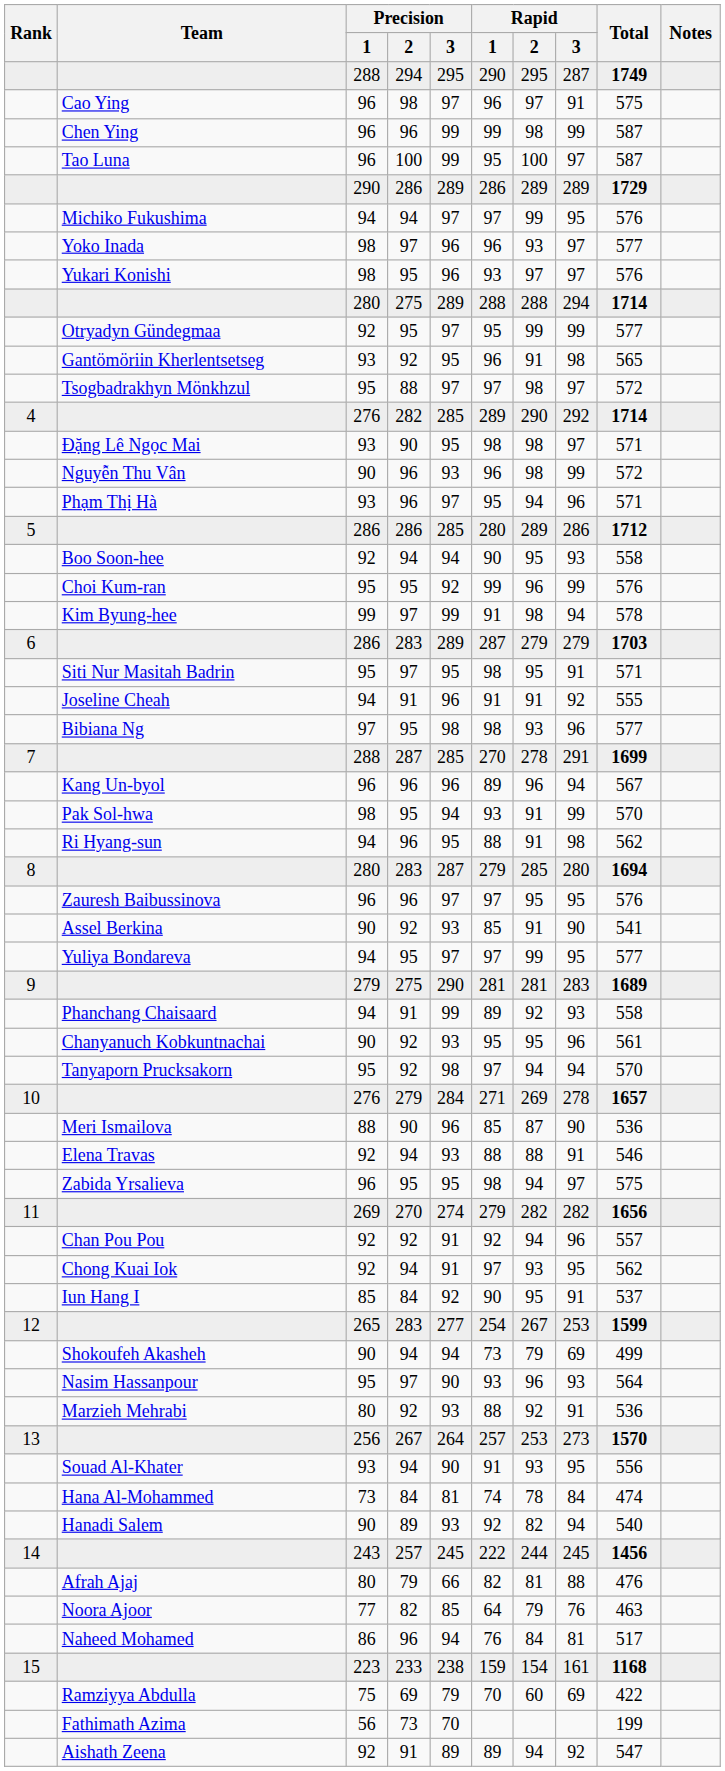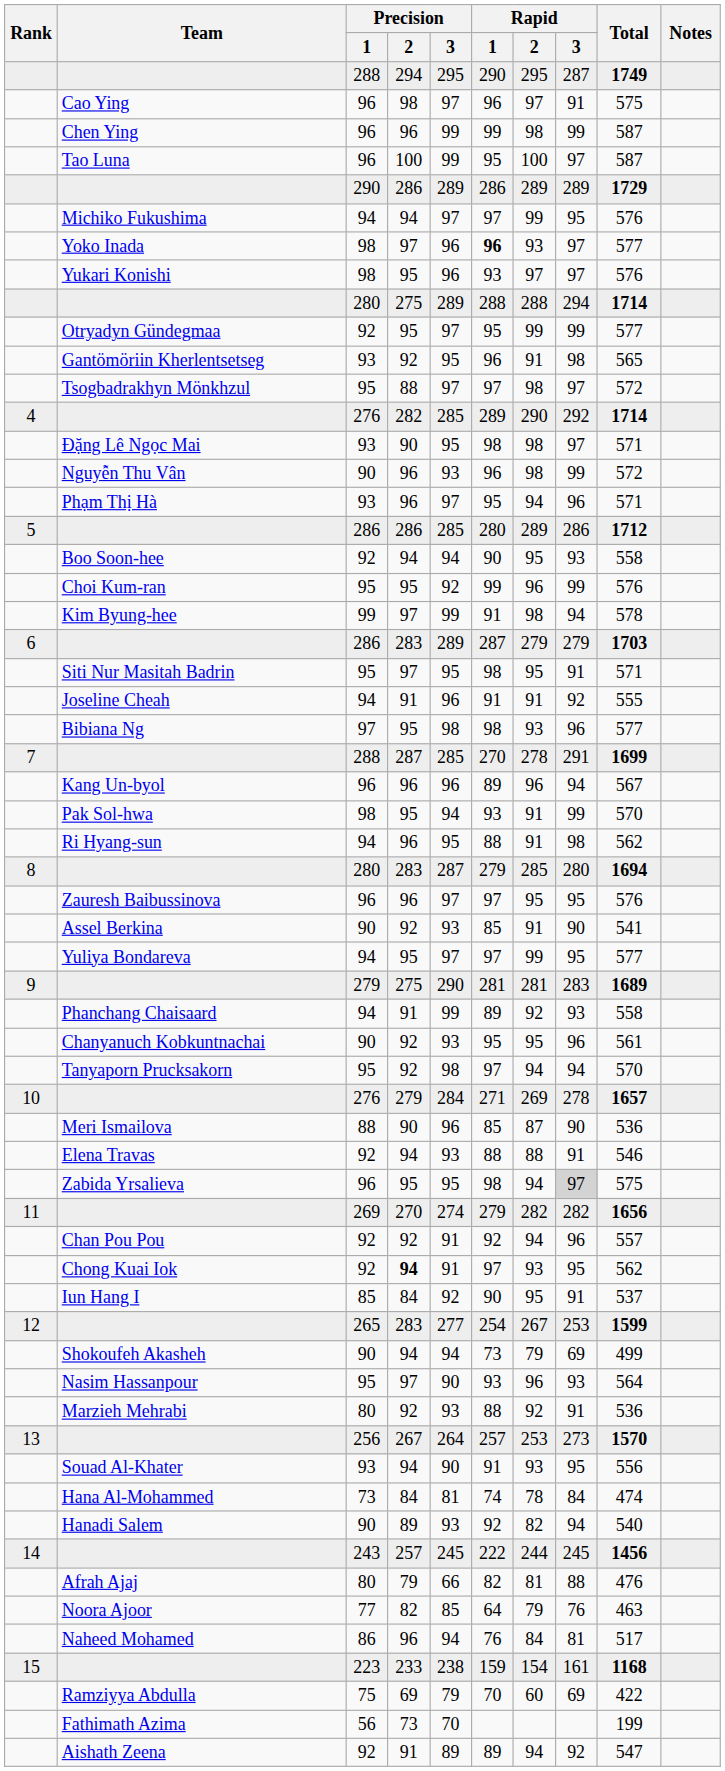 <table class="wikitable" style="text-align:center">
 <tr>
 <th rowspan=2 width=40>Rank</th>
 <th rowspan=2 width=250>Team</th>
 <th colspan=3>Precision</th>
 <th colspan=3>Rapid</th>
 <th rowspan=2 width=50>Total</th>
 <th rowspan=2 width=45>Notes</th>
 </tr>
 <tr>
 <th width=30>1</th>
 <th width=30>2</th>
 <th width=30>3</th>
 <th width=30>1</th>
 <th width=30>2</th>
 <th width=30>3</th>
 </tr>
 <tr bgcolor=eeeeee>
 <td></td>
 <td align=left></td>
 <td>288</td>
 <td>294</td>
 <td>295</td>
 <td>290</td>
 <td>295</td>
 <td>287</td>
 <td><strong>1749</strong></td>
 <td></td>
 </tr>
 <tr>
 <td></td>
 <td align=left><a href='#'>Cao Ying</a></td>
 <td>96</td>
 <td>98</td>
 <td>97</td>
 <td>96</td>
 <td>97</td>
 <td>91</td>
 <td>575</td>
 <td></td>
 </tr>
 <tr>
 <td></td>
 <td align=left><a href='#'>Chen Ying</a></td>
 <td>96</td>
 <td>96</td>
 <td>99</td>
 <td>99</td>
 <td>98</td>
 <td>99</td>
 <td>587</td>
 <td></td>
 </tr>
 <tr>
 <td></td>
 <td align=left><a href='#'>Tao Luna</a></td>
 <td>96</td>
 <td>100</td>
 <td>99</td>
 <td>95</td>
 <td>100</td>
 <td>97</td>
 <td>587</td>
 <td></td>
 </tr>
 <tr bgcolor=eeeeee>
 <td></td>
 <td align=left></td>
 <td>290</td>
 <td>286</td>
 <td>289</td>
 <td>286</td>
 <td>289</td>
 <td>289</td>
 <td><strong>1729</strong></td>
 <td></td>
 </tr>
 <tr>
 <td></td>
 <td align=left><a href='#'>Michiko Fukushima</a></td>
 <td>94</td>
 <td>94</td>
 <td>97</td>
 <td>97</td>
 <td>99</td>
 <td>95</td>
 <td>576</td>
 <td></td>
 </tr>
 <tr>
 <td></td>
 <td align=left><a href='#'>Yoko Inada</a></td>
 <td>98</td>
 <td>97</td>
 <td>96</td>
-<td>96</td>
+<td><strong>96</strong></td>
 <td>93</td>
 <td>97</td>
 <td>577</td>
 <td></td>
 </tr>
 <tr>
 <td></td>
 <td align=left><a href='#'>Yukari Konishi</a></td>
 <td>98</td>
 <td>95</td>
 <td>96</td>
 <td>93</td>
 <td>97</td>
 <td>97</td>
 <td>576</td>
 <td></td>
 </tr>
 <tr bgcolor=eeeeee>
 <td></td>
 <td align=left></td>
 <td>280</td>
 <td>275</td>
 <td>289</td>
 <td>288</td>
 <td>288</td>
 <td>294</td>
 <td><strong>1714</strong></td>
 <td></td>
 </tr>
 <tr>
 <td></td>
 <td align=left><a href='#'>Otryadyn Gündegmaa</a></td>
 <td>92</td>
 <td>95</td>
 <td>97</td>
 <td>95</td>
 <td>99</td>
 <td>99</td>
 <td>577</td>
 <td></td>
 </tr>
 <tr>
 <td></td>
 <td align=left><a href='#'>Gantömöriin Kherlentsetseg</a></td>
 <td>93</td>
 <td>92</td>
 <td>95</td>
 <td>96</td>
 <td>91</td>
 <td>98</td>
 <td>565</td>
 <td></td>
 </tr>
 <tr>
 <td></td>
 <td align=left><a href='#'>Tsogbadrakhyn Mönkhzul</a></td>
 <td>95</td>
 <td>88</td>
 <td>97</td>
 <td>97</td>
 <td>98</td>
 <td>97</td>
 <td>572</td>
 <td></td>
 </tr>
 <tr bgcolor=eeeeee>
 <td>4</td>
 <td align=left></td>
 <td>276</td>
 <td>282</td>
 <td>285</td>
 <td>289</td>
 <td>290</td>
 <td>292</td>
 <td><strong>1714</strong></td>
 <td></td>
 </tr>
 <tr>
 <td></td>
 <td align=left><a href='#'>Đặng Lê Ngọc Mai</a></td>
 <td>93</td>
 <td>90</td>
 <td>95</td>
 <td>98</td>
 <td>98</td>
 <td>97</td>
 <td>571</td>
 <td></td>
 </tr>
 <tr>
 <td></td>
 <td align=left><a href='#'>Nguyễn Thu Vân</a></td>
 <td>90</td>
 <td>96</td>
 <td>93</td>
 <td>96</td>
 <td>98</td>
 <td>99</td>
 <td>572</td>
 <td></td>
 </tr>
 <tr>
 <td></td>
 <td align=left><a href='#'>Phạm Thị Hà</a></td>
 <td>93</td>
 <td>96</td>
 <td>97</td>
 <td>95</td>
 <td>94</td>
 <td>96</td>
 <td>571</td>
 <td></td>
 </tr>
 <tr bgcolor=eeeeee>
 <td>5</td>
 <td align=left></td>
 <td>286</td>
 <td>286</td>
 <td>285</td>
 <td>280</td>
 <td>289</td>
 <td>286</td>
 <td><strong>1712</strong></td>
 <td></td>
 </tr>
 <tr>
 <td></td>
 <td align=left><a href='#'>Boo Soon-hee</a></td>
 <td>92</td>
 <td>94</td>
 <td>94</td>
 <td>90</td>
 <td>95</td>
 <td>93</td>
 <td>558</td>
 <td></td>
 </tr>
 <tr>
 <td></td>
 <td align=left><a href='#'>Choi Kum-ran</a></td>
 <td>95</td>
 <td>95</td>
 <td>92</td>
 <td>99</td>
 <td>96</td>
 <td>99</td>
 <td>576</td>
 <td></td>
 </tr>
 <tr>
 <td></td>
 <td align=left><a href='#'>Kim Byung-hee</a></td>
 <td>99</td>
 <td>97</td>
 <td>99</td>
 <td>91</td>
 <td>98</td>
 <td>94</td>
 <td>578</td>
 <td></td>
 </tr>
 <tr bgcolor=eeeeee>
 <td>6</td>
 <td align=left></td>
 <td>286</td>
 <td>283</td>
 <td>289</td>
 <td>287</td>
 <td>279</td>
 <td>279</td>
 <td><strong>1703</strong></td>
 <td></td>
 </tr>
 <tr>
 <td></td>
 <td align=left><a href='#'>Siti Nur Masitah Badrin</a></td>
 <td>95</td>
 <td>97</td>
 <td>95</td>
 <td>98</td>
 <td>95</td>
 <td>91</td>
 <td>571</td>
 <td></td>
 </tr>
 <tr>
 <td></td>
 <td align=left><a href='#'>Joseline Cheah</a></td>
 <td>94</td>
 <td>91</td>
 <td>96</td>
 <td>91</td>
 <td>91</td>
 <td>92</td>
 <td>555</td>
 <td></td>
 </tr>
 <tr>
 <td></td>
 <td align=left><a href='#'>Bibiana Ng</a></td>
 <td>97</td>
 <td>95</td>
 <td>98</td>
 <td>98</td>
 <td>93</td>
 <td>96</td>
 <td>577</td>
 <td></td>
 </tr>
 <tr bgcolor=eeeeee>
 <td>7</td>
 <td align=left></td>
 <td>288</td>
 <td>287</td>
 <td>285</td>
 <td>270</td>
 <td>278</td>
 <td>291</td>
 <td><strong>1699</strong></td>
 <td></td>
 </tr>
 <tr>
 <td></td>
 <td align=left><a href='#'>Kang Un-byol</a></td>
 <td>96</td>
 <td>96</td>
 <td>96</td>
 <td>89</td>
 <td>96</td>
 <td>94</td>
 <td>567</td>
 <td></td>
 </tr>
 <tr>
 <td></td>
 <td align=left><a href='#'>Pak Sol-hwa</a></td>
 <td>98</td>
 <td>95</td>
 <td>94</td>
 <td>93</td>
 <td>91</td>
 <td>99</td>
 <td>570</td>
 <td></td>
 </tr>
 <tr>
 <td></td>
 <td align=left><a href='#'>Ri Hyang-sun</a></td>
 <td>94</td>
 <td>96</td>
 <td>95</td>
 <td>88</td>
 <td>91</td>
 <td>98</td>
 <td>562</td>
 <td></td>
 </tr>
 <tr bgcolor=eeeeee>
 <td>8</td>
 <td align=left></td>
 <td>280</td>
 <td>283</td>
 <td>287</td>
 <td>279</td>
 <td>285</td>
 <td>280</td>
 <td><strong>1694</strong></td>
 <td></td>
 </tr>
 <tr>
 <td></td>
 <td align=left><a href='#'>Zauresh Baibussinova</a></td>
 <td>96</td>
 <td>96</td>
 <td>97</td>
 <td>97</td>
 <td>95</td>
 <td>95</td>
 <td>576</td>
 <td></td>
 </tr>
 <tr>
 <td></td>
 <td align=left><a href='#'>Assel Berkina</a></td>
 <td>90</td>
 <td>92</td>
 <td>93</td>
 <td>85</td>
 <td>91</td>
 <td>90</td>
 <td>541</td>
 <td></td>
 </tr>
 <tr>
 <td></td>
 <td align=left><a href='#'>Yuliya Bondareva</a></td>
 <td>94</td>
 <td>95</td>
 <td>97</td>
 <td>97</td>
 <td>99</td>
 <td>95</td>
 <td>577</td>
 <td></td>
 </tr>
 <tr bgcolor=eeeeee>
 <td>9</td>
 <td align=left></td>
 <td>279</td>
 <td>275</td>
 <td>290</td>
 <td>281</td>
 <td>281</td>
 <td>283</td>
 <td><strong>1689</strong></td>
 <td></td>
 </tr>
 <tr>
 <td></td>
 <td align=left><a href='#'>Phanchang Chaisaard</a></td>
 <td>94</td>
 <td>91</td>
 <td>99</td>
 <td>89</td>
 <td>92</td>
 <td>93</td>
 <td>558</td>
 <td></td>
 </tr>
 <tr>
 <td></td>
 <td align=left><a href='#'>Chanyanuch Kobkuntnachai</a></td>
 <td>90</td>
 <td>92</td>
 <td>93</td>
 <td>95</td>
 <td>95</td>
 <td>96</td>
 <td>561</td>
 <td></td>
 </tr>
 <tr>
 <td></td>
 <td align=left><a href='#'>Tanyaporn Prucksakorn</a></td>
 <td>95</td>
 <td>92</td>
 <td>98</td>
 <td>97</td>
 <td>94</td>
 <td>94</td>
 <td>570</td>
 <td></td>
 </tr>
 <tr bgcolor=eeeeee>
 <td>10</td>
 <td align=left></td>
 <td>276</td>
 <td>279</td>
 <td>284</td>
 <td>271</td>
 <td>269</td>
 <td>278</td>
 <td><strong>1657</strong></td>
 <td></td>
 </tr>
 <tr>
 <td></td>
 <td align=left><a href='#'>Meri Ismailova</a></td>
 <td>88</td>
 <td>90</td>
 <td>96</td>
 <td>85</td>
 <td>87</td>
 <td>90</td>
 <td>536</td>
 <td></td>
 </tr>
 <tr>
 <td></td>
 <td align=left><a href='#'>Elena Travas</a></td>
 <td>92</td>
 <td>94</td>
 <td>93</td>
 <td>88</td>
 <td>88</td>
 <td>91</td>
 <td>546</td>
 <td></td>
 </tr>
 <tr>
 <td></td>
 <td align=left><a href='#'>Zabida Yrsalieva</a></td>
 <td>96</td>
 <td>95</td>
 <td>95</td>
 <td>98</td>
 <td>94</td>
-<td>97</td>
+<td style="background: lightgrey;">97</td>
 <td>575</td>
 <td></td>
 </tr>
 <tr bgcolor=eeeeee>
 <td>11</td>
 <td align=left></td>
 <td>269</td>
 <td>270</td>
 <td>274</td>
 <td>279</td>
 <td>282</td>
 <td>282</td>
 <td><strong>1656</strong></td>
 <td></td>
 </tr>
 <tr>
 <td></td>
 <td align=left><a href='#'>Chan Pou Pou</a></td>
 <td>92</td>
 <td>92</td>
 <td>91</td>
 <td>92</td>
 <td>94</td>
 <td>96</td>
 <td>557</td>
 <td></td>
 </tr>
 <tr>
 <td></td>
 <td align=left><a href='#'>Chong Kuai Iok</a></td>
 <td>92</td>
-<td>94</td>
+<td><strong>94</strong></td>
 <td>91</td>
 <td>97</td>
 <td>93</td>
 <td>95</td>
 <td>562</td>
 <td></td>
 </tr>
 <tr>
 <td></td>
 <td align=left><a href='#'>Iun Hang I</a></td>
 <td>85</td>
 <td>84</td>
 <td>92</td>
 <td>90</td>
 <td>95</td>
 <td>91</td>
 <td>537</td>
 <td></td>
 </tr>
 <tr bgcolor=eeeeee>
 <td>12</td>
 <td align=left></td>
 <td>265</td>
 <td>283</td>
 <td>277</td>
 <td>254</td>
 <td>267</td>
 <td>253</td>
 <td><strong>1599</strong></td>
 <td></td>
 </tr>
 <tr>
 <td></td>
 <td align=left><a href='#'>Shokoufeh Akasheh</a></td>
 <td>90</td>
 <td>94</td>
 <td>94</td>
 <td>73</td>
 <td>79</td>
 <td>69</td>
 <td>499</td>
 <td></td>
 </tr>
 <tr>
 <td></td>
 <td align=left><a href='#'>Nasim Hassanpour</a></td>
 <td>95</td>
 <td>97</td>
 <td>90</td>
 <td>93</td>
 <td>96</td>
 <td>93</td>
 <td>564</td>
 <td></td>
 </tr>
 <tr>
 <td></td>
 <td align=left><a href='#'>Marzieh Mehrabi</a></td>
 <td>80</td>
 <td>92</td>
 <td>93</td>
 <td>88</td>
 <td>92</td>
 <td>91</td>
 <td>536</td>
 <td></td>
 </tr>
 <tr bgcolor=eeeeee>
 <td>13</td>
 <td align=left></td>
 <td>256</td>
 <td>267</td>
 <td>264</td>
 <td>257</td>
 <td>253</td>
 <td>273</td>
 <td><strong>1570</strong></td>
 <td></td>
 </tr>
 <tr>
 <td></td>
 <td align=left><a href='#'>Souad Al-Khater</a></td>
 <td>93</td>
 <td>94</td>
 <td>90</td>
 <td>91</td>
 <td>93</td>
 <td>95</td>
 <td>556</td>
 <td></td>
 </tr>
 <tr>
 <td></td>
 <td align=left><a href='#'>Hana Al-Mohammed</a></td>
 <td>73</td>
 <td>84</td>
 <td>81</td>
 <td>74</td>
 <td>78</td>
 <td>84</td>
 <td>474</td>
 <td></td>
 </tr>
 <tr>
 <td></td>
 <td align=left><a href='#'>Hanadi Salem</a></td>
 <td>90</td>
 <td>89</td>
 <td>93</td>
 <td>92</td>
 <td>82</td>
 <td>94</td>
 <td>540</td>
 <td></td>
 </tr>
 <tr bgcolor=eeeeee>
 <td>14</td>
 <td align=left></td>
 <td>243</td>
 <td>257</td>
 <td>245</td>
 <td>222</td>
 <td>244</td>
 <td>245</td>
 <td><strong>1456</strong></td>
 <td></td>
 </tr>
 <tr>
 <td></td>
 <td align=left><a href='#'>Afrah Ajaj</a></td>
 <td>80</td>
 <td>79</td>
 <td>66</td>
 <td>82</td>
 <td>81</td>
 <td>88</td>
 <td>476</td>
 <td></td>
 </tr>
 <tr>
 <td></td>
 <td align=left><a href='#'>Noora Ajoor</a></td>
 <td>77</td>
 <td>82</td>
 <td>85</td>
 <td>64</td>
 <td>79</td>
 <td>76</td>
 <td>463</td>
 <td></td>
 </tr>
 <tr>
 <td></td>
 <td align=left><a href='#'>Naheed Mohamed</a></td>
 <td>86</td>
 <td>96</td>
 <td>94</td>
 <td>76</td>
 <td>84</td>
 <td>81</td>
 <td>517</td>
 <td></td>
 </tr>
 <tr bgcolor=eeeeee>
 <td>15</td>
 <td align=left></td>
 <td>223</td>
 <td>233</td>
 <td>238</td>
 <td>159</td>
 <td>154</td>
 <td>161</td>
 <td><strong>1168</strong></td>
 <td></td>
 </tr>
 <tr>
 <td></td>
 <td align=left><a href='#'>Ramziyya Abdulla</a></td>
 <td>75</td>
 <td>69</td>
 <td>79</td>
 <td>70</td>
 <td>60</td>
 <td>69</td>
 <td>422</td>
 <td></td>
 </tr>
 <tr>
 <td></td>
 <td align=left><a href='#'>Fathimath Azima</a></td>
 <td>56</td>
 <td>73</td>
 <td>70</td>
 <td></td>
 <td></td>
 <td></td>
 <td>199</td>
 <td></td>
 </tr>
 <tr>
 <td></td>
 <td align=left><a href='#'>Aishath Zeena</a></td>
 <td>92</td>
 <td>91</td>
 <td>89</td>
 <td>89</td>
 <td>94</td>
 <td>92</td>
 <td>547</td>
 <td></td>
 </tr>
 </table>
